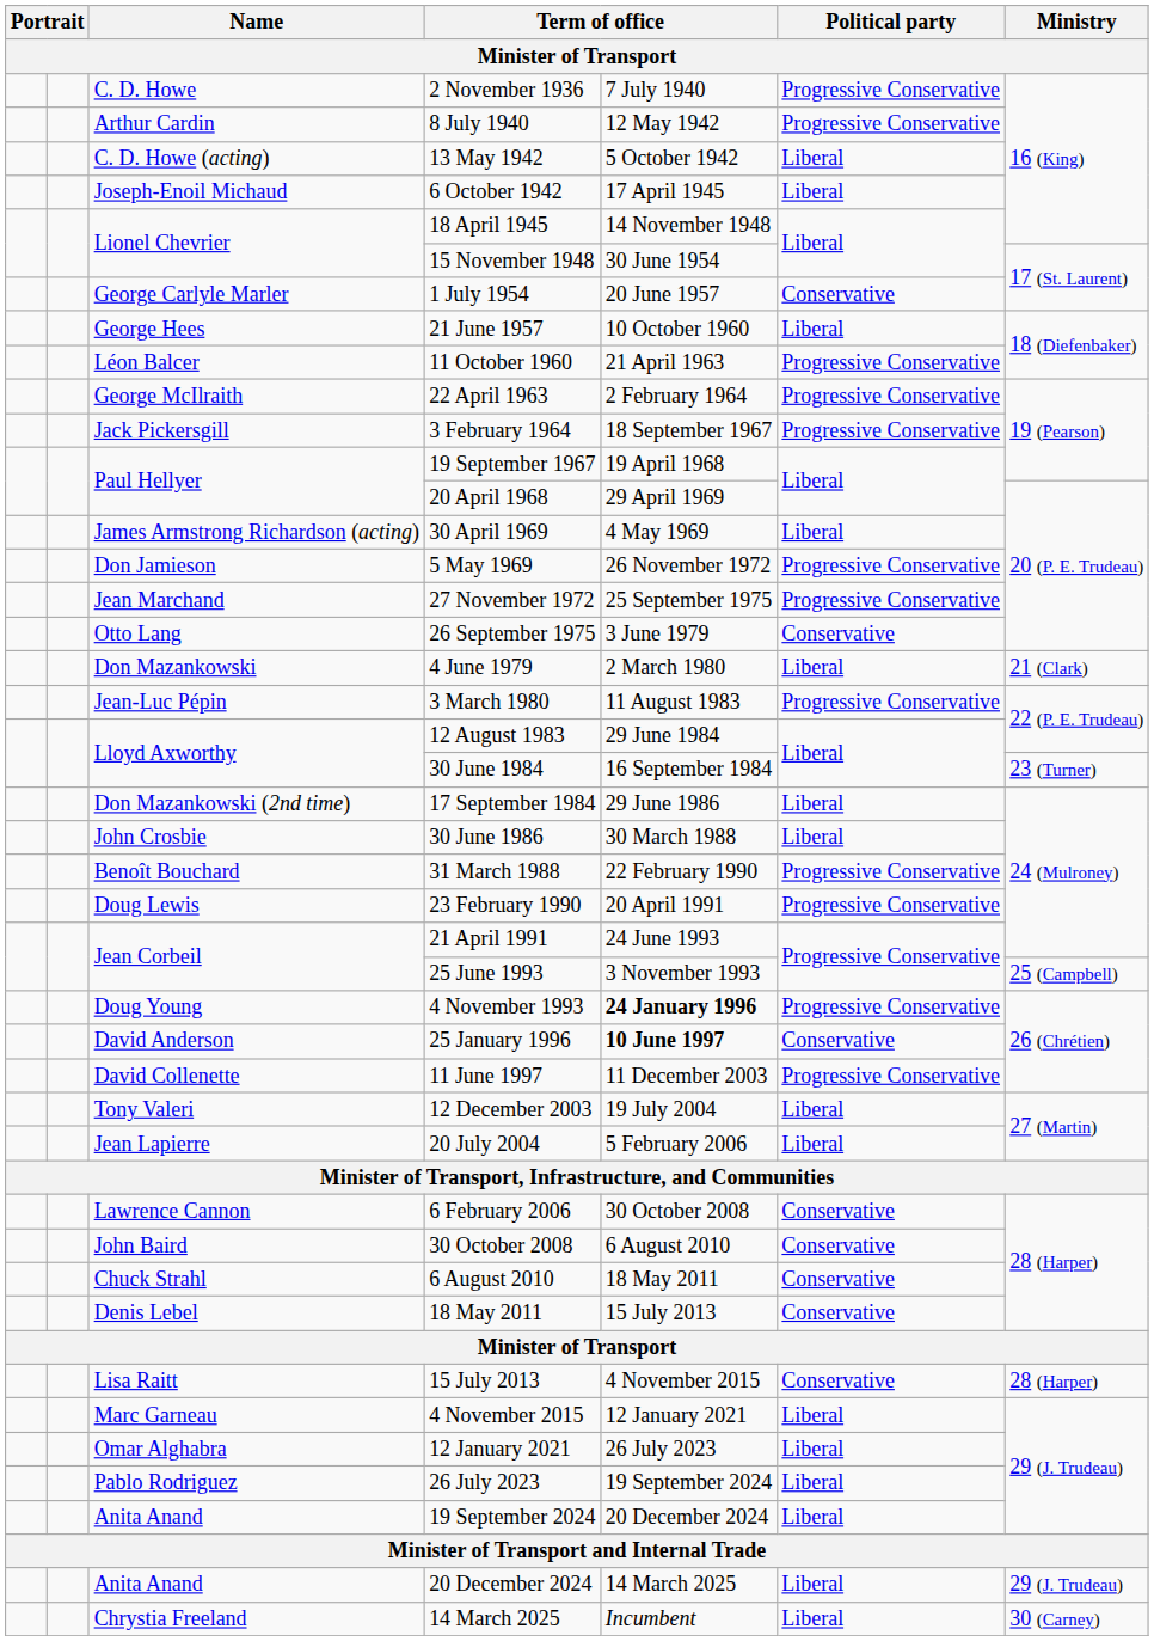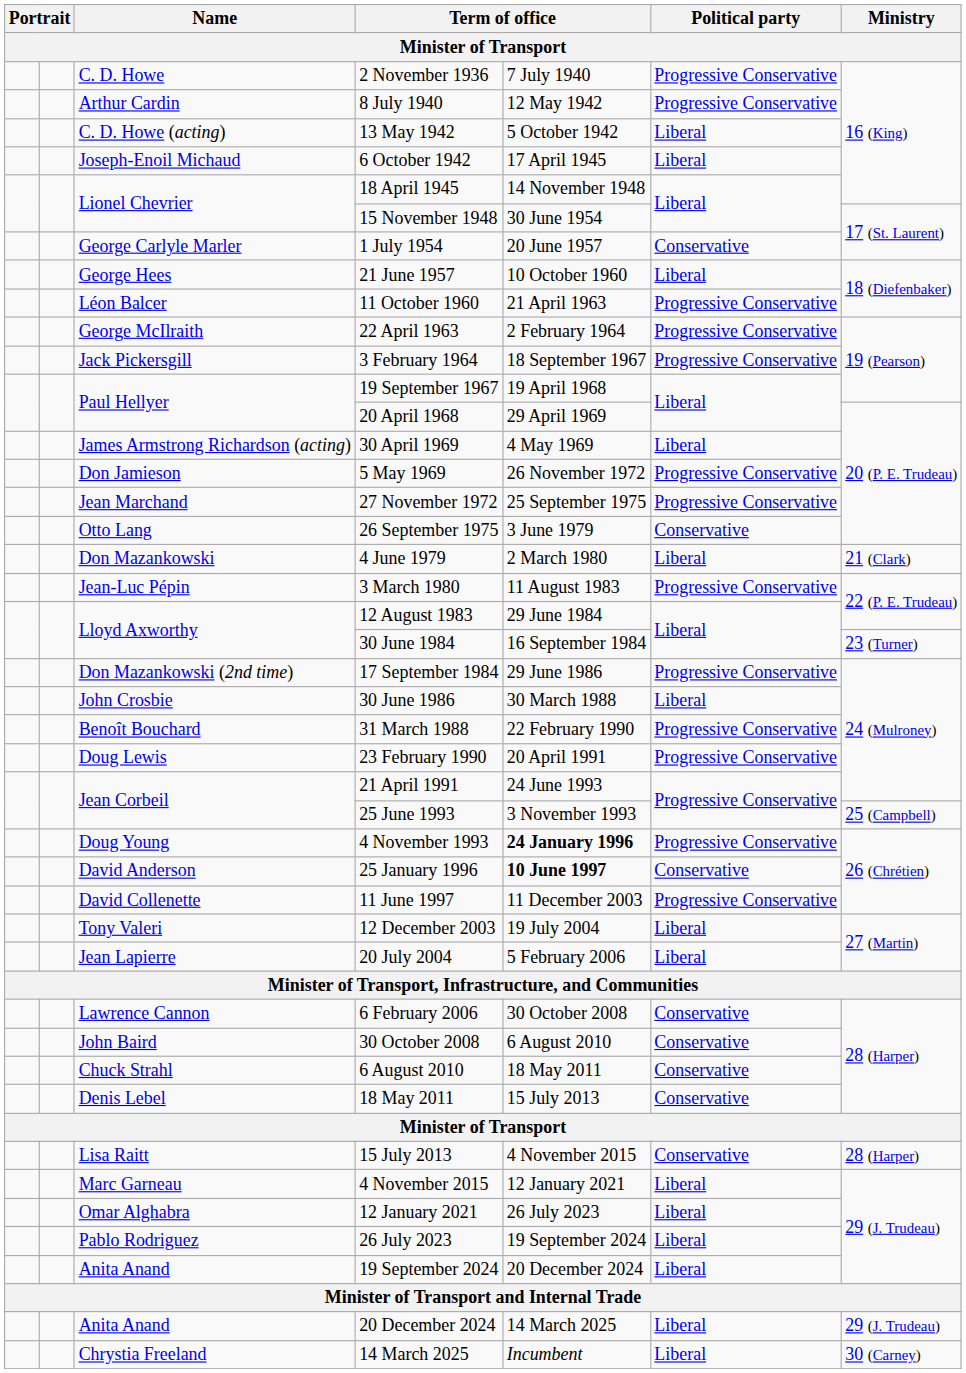 <table class="wikitable">
 <tr>
 <th colspan=2>Portrait</th>
 <th>Name</th>
 <th colspan=2>Term of office</th>
 <th>Political party</th>
 <th>Ministry</th>
 </tr>
 <tr>
 <th colspan=7>Minister of Transport</th>
 </tr>
 <tr>
 <td style="background:"></td>
 <td align=center></td>
 <td><a href='#'>C. D. Howe</a></td>
 <td>2 November 1936</td>
 <td>7 July 1940</td>
 <td><a href='#'>Progressive Conservative</a></td>
 <td rowspan=5><a href='#'>16</a> <small>(<a href='#'>King</a>)</small></td>
 </tr>
 <tr>
 <td style="background:"></td>
 <td align=center></td>
 <td><a href='#'>Arthur Cardin</a></td>
 <td>8 July 1940</td>
 <td>12 May 1942</td>
 <td><a href='#'>Progressive Conservative</a></td>
 </tr>
 <tr>
 <td style="background:"></td>
 <td align=center></td>
 <td><a href='#'>C. D. Howe</a> (<em>acting</em>)</td>
 <td>13 May 1942</td>
 <td>5 October 1942</td>
 <td><a href='#'>Liberal</a></td>
 </tr>
 <tr>
 <td style="background:"></td>
 <td align=center></td>
 <td><a href='#'>Joseph-Enoil Michaud</a></td>
 <td>6 October 1942</td>
 <td>17 April 1945</td>
 <td><a href='#'>Liberal</a></td>
 </tr>
 <tr>
 <td rowspan=2 style="background:"></td>
 <td align=center rowspan=2></td>
 <td rowspan=2><a href='#'>Lionel Chevrier</a></td>
 <td>18 April 1945</td>
 <td>14 November 1948</td>
 <td rowspan=2><a href='#'>Liberal</a></td>
 </tr>
 <tr>
 <td>15 November 1948</td>
 <td>30 June 1954</td>
 <td rowspan=2><a href='#'>17</a> <small>(<a href='#'>St. Laurent</a>)</small></td>
 </tr>
 <tr>
 <td style="background:"></td>
 <td align=center></td>
 <td><a href='#'>George Carlyle Marler</a></td>
 <td>1 July 1954</td>
 <td>20 June 1957</td>
 <td><a href='#'>Conservative</a></td>
 </tr>
 <tr>
 <td style="background:"></td>
 <td align=center></td>
 <td><a href='#'>George Hees</a></td>
 <td>21 June 1957</td>
 <td>10 October 1960</td>
 <td><a href='#'>Liberal</a></td>
 <td rowspan=2><a href='#'>18</a> <small>(<a href='#'>Diefenbaker</a>)</small></td>
 </tr>
 <tr>
 <td style="background:"></td>
 <td align=center></td>
 <td><a href='#'>Léon Balcer</a></td>
 <td>11 October 1960</td>
 <td>21 April 1963</td>
 <td><a href='#'>Progressive Conservative</a></td>
 </tr>
 <tr>
 <td style="background:"></td>
 <td align=center></td>
 <td><a href='#'>George McIlraith</a></td>
 <td>22 April 1963</td>
 <td>2 February 1964</td>
 <td><a href='#'>Progressive Conservative</a></td>
 <td rowspan=3><a href='#'>19</a> <small>(<a href='#'>Pearson</a>)</small></td>
 </tr>
 <tr>
 <td style="background:"></td>
 <td align=center></td>
 <td><a href='#'>Jack Pickersgill</a></td>
 <td>3 February 1964</td>
 <td>18 September 1967</td>
 <td><a href='#'>Progressive Conservative</a></td>
 </tr>
 <tr>
 <td rowspan=2 style="background:"></td>
 <td align=center rowspan=2></td>
 <td rowspan=2><a href='#'>Paul Hellyer</a></td>
 <td>19 September 1967</td>
 <td>19 April 1968</td>
 <td rowspan=2><a href='#'>Liberal</a></td>
 </tr>
 <tr>
 <td>20 April 1968</td>
 <td>29 April 1969</td>
 <td rowspan=5><a href='#'>20</a> <small>(<a href='#'>P. E. Trudeau</a>)</small></td>
 </tr>
 <tr>
 <td style="background:"></td>
 <td align=center></td>
 <td><a href='#'>James Armstrong Richardson</a> (<em>acting</em>)</td>
 <td>30 April 1969</td>
 <td>4 May 1969</td>
 <td><a href='#'>Liberal</a></td>
 </tr>
 <tr>
 <td style="background:"></td>
 <td align=center></td>
 <td><a href='#'>Don Jamieson</a></td>
 <td>5 May 1969</td>
 <td>26 November 1972</td>
 <td><a href='#'>Progressive Conservative</a></td>
 </tr>
 <tr>
 <td style="background:"></td>
 <td align=center></td>
 <td><a href='#'>Jean Marchand</a></td>
 <td>27 November 1972</td>
 <td>25 September 1975</td>
 <td><a href='#'>Progressive Conservative</a></td>
 </tr>
 <tr>
 <td style="background:"></td>
 <td align=center></td>
 <td><a href='#'>Otto Lang</a></td>
 <td>26 September 1975</td>
 <td>3 June 1979</td>
 <td><a href='#'>Conservative</a></td>
 </tr>
 <tr>
 <td style="background:"></td>
 <td align=center></td>
 <td><a href='#'>Don Mazankowski</a></td>
 <td>4 June 1979</td>
 <td>2 March 1980</td>
 <td><a href='#'>Liberal</a></td>
 <td><a href='#'>21</a> <small>(<a href='#'>Clark</a>)</small></td>
 </tr>
 <tr>
 <td style="background:"></td>
 <td align=center></td>
 <td><a href='#'>Jean-Luc Pépin</a></td>
 <td>3 March 1980</td>
 <td>11 August 1983</td>
 <td><a href='#'>Progressive Conservative</a></td>
 <td rowspan=2><a href='#'>22</a> <small>(<a href='#'>P. E. Trudeau</a>)</small></td>
 </tr>
 <tr>
 <td rowspan=2 style="background:"></td>
 <td rowspan=2></td>
 <td rowspan=2><a href='#'>Lloyd Axworthy</a></td>
 <td>12 August 1983</td>
 <td>29 June 1984</td>
 <td rowspan=2><a href='#'>Liberal</a></td>
 </tr>
 <tr>
 <td>30 June 1984</td>
 <td>16 September 1984</td>
 <td><a href='#'>23</a> <small>(<a href='#'>Turner</a>)</small></td>
 </tr>
 <tr>
 <td style="background:"></td>
 <td align=center></td>
 <td><a href='#'>Don Mazankowski</a> (<em>2nd time</em>)</td>
 <td>17 September 1984</td>
 <td>29 June 1986</td>
-<td><a href='#'>Liberal</a></td>
+<td><a href='#'>Progressive Conservative</a></td>
 <td rowspan=5><a href='#'>24</a> <small>(<a href='#'>Mulroney</a>)</small></td>
 </tr>
 <tr>
 <td style="background:"></td>
 <td align=center></td>
 <td><a href='#'>John Crosbie</a></td>
 <td>30 June 1986</td>
 <td>30 March 1988</td>
 <td><a href='#'>Liberal</a></td>
 </tr>
 <tr>
 <td style="background:"></td>
 <td align=center></td>
 <td><a href='#'>Benoît Bouchard</a></td>
 <td>31 March 1988</td>
 <td>22 February 1990</td>
 <td><a href='#'>Progressive Conservative</a></td>
 </tr>
 <tr>
 <td style="background:"></td>
 <td align=center></td>
 <td><a href='#'>Doug Lewis</a></td>
 <td>23 February 1990</td>
 <td>20 April 1991</td>
 <td><a href='#'>Progressive Conservative</a></td>
 </tr>
 <tr>
 <td rowspan=2 style="background:"></td>
 <td align=center rowspan=2></td>
 <td rowspan=2><a href='#'>Jean Corbeil</a></td>
 <td>21 April 1991</td>
 <td>24 June 1993</td>
 <td rowspan=2><a href='#'>Progressive Conservative</a></td>
 </tr>
 <tr>
 <td>25 June 1993</td>
 <td>3 November 1993</td>
 <td><a href='#'>25</a> <small>(<a href='#'>Campbell</a>)</small></td>
 </tr>
 <tr>
 <td style="background:"></td>
 <td align=center></td>
 <td><a href='#'>Doug Young</a></td>
 <td>4 November 1993</td>
 <td><strong>24 January 1996</strong></td>
 <td><a href='#'>Progressive Conservative</a></td>
 <td rowspan=3><a href='#'>26</a> <small>(<a href='#'>Chrétien</a>)</small></td>
 </tr>
 <tr>
 <td style="background:"></td>
 <td align=center></td>
 <td><a href='#'>David Anderson</a></td>
 <td>25 January 1996</td>
 <td><strong>10 June 1997</strong></td>
 <td><a href='#'>Conservative</a></td>
 </tr>
 <tr>
 <td style="background:"></td>
 <td align=center></td>
 <td><a href='#'>David Collenette</a></td>
 <td>11 June 1997</td>
 <td>11 December 2003</td>
 <td><a href='#'>Progressive Conservative</a></td>
 </tr>
 <tr>
 <td style="background:"></td>
 <td align=center></td>
 <td><a href='#'>Tony Valeri</a></td>
 <td>12 December 2003</td>
 <td>19 July 2004</td>
 <td><a href='#'>Liberal</a></td>
 <td rowspan=2><a href='#'>27</a> <small>(<a href='#'>Martin</a>)</small></td>
 </tr>
 <tr>
 <td style="background:"></td>
 <td align=center></td>
 <td><a href='#'>Jean Lapierre</a></td>
 <td>20 July 2004</td>
 <td>5 February 2006</td>
 <td><a href='#'>Liberal</a></td>
 </tr>
 <tr>
 <th colspan=7>Minister of Transport, Infrastructure, and Communities</th>
 </tr>
 <tr>
 <td style="background:"></td>
 <td align=center></td>
 <td><a href='#'>Lawrence Cannon</a></td>
 <td>6 February 2006</td>
 <td>30 October 2008</td>
 <td><a href='#'>Conservative</a></td>
 <td rowspan=4><a href='#'>28</a> <small>(<a href='#'>Harper</a>)</small></td>
 </tr>
 <tr>
 <td style="background:"></td>
 <td align=center></td>
 <td><a href='#'>John Baird</a></td>
 <td>30 October 2008</td>
 <td>6 August 2010</td>
 <td><a href='#'>Conservative</a></td>
 </tr>
 <tr>
 <td style="background:"></td>
 <td align=center></td>
 <td><a href='#'>Chuck Strahl</a></td>
 <td>6 August 2010</td>
 <td>18 May 2011</td>
 <td><a href='#'>Conservative</a></td>
 </tr>
 <tr>
 <td style="background:"></td>
 <td align=center></td>
 <td><a href='#'>Denis Lebel</a></td>
 <td>18 May 2011</td>
 <td>15 July 2013</td>
 <td><a href='#'>Conservative</a></td>
 </tr>
 <tr>
 <th colspan=7>Minister of Transport</th>
 </tr>
 <tr>
 <td style="background:"></td>
 <td align=center></td>
 <td><a href='#'>Lisa Raitt</a></td>
 <td>15 July 2013</td>
 <td>4 November 2015</td>
 <td><a href='#'>Conservative</a></td>
 <td><a href='#'>28</a> <small>(<a href='#'>Harper</a>)</small></td>
 </tr>
 <tr>
 <td style="background:"></td>
 <td align=center></td>
 <td><a href='#'>Marc Garneau</a></td>
 <td>4 November 2015</td>
 <td>12 January 2021</td>
 <td><a href='#'>Liberal</a></td>
 <td rowspan=4><a href='#'>29</a> <small>(<a href='#'>J. Trudeau</a>)</small></td>
 </tr>
 <tr>
 <td style="background:"></td>
 <td align=center></td>
 <td><a href='#'>Omar Alghabra</a></td>
 <td>12 January 2021</td>
 <td>26 July 2023</td>
 <td><a href='#'>Liberal</a></td>
 </tr>
 <tr>
 <td style="background:"></td>
 <td align=center></td>
 <td><a href='#'>Pablo Rodriguez</a></td>
 <td>26 July 2023</td>
 <td>19 September 2024</td>
 <td><a href='#'>Liberal</a></td>
 </tr>
 <tr>
 <td style="background:"></td>
 <td align=center></td>
 <td><a href='#'>Anita Anand</a></td>
 <td>19 September 2024</td>
 <td>20 December 2024</td>
 <td><a href='#'>Liberal</a></td>
 </tr>
 <tr>
 <th colspan=7>Minister of Transport and Internal Trade</th>
 </tr>
 <tr>
 <td style="background:"></td>
 <td align=center></td>
 <td><a href='#'>Anita Anand</a></td>
 <td>20 December 2024</td>
 <td>14 March 2025</td>
 <td><a href='#'>Liberal</a></td>
 <td><a href='#'>29</a> <small>(<a href='#'>J. Trudeau</a>)</small></td>
 </tr>
 <tr>
 <td style="background:"></td>
 <td align=center></td>
 <td><a href='#'>Chrystia Freeland</a></td>
 <td>14 March 2025</td>
 <td><em>Incumbent</em></td>
 <td><a href='#'>Liberal</a></td>
 <td><a href='#'>30</a> <small>(<a href='#'>Carney</a>)</small></td>
 </tr>
 </table>
